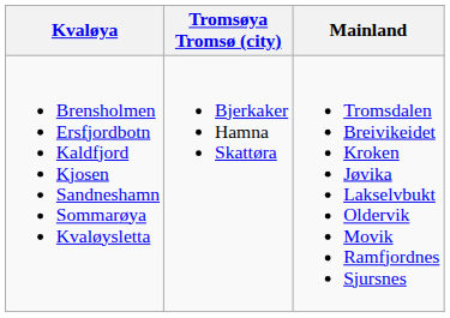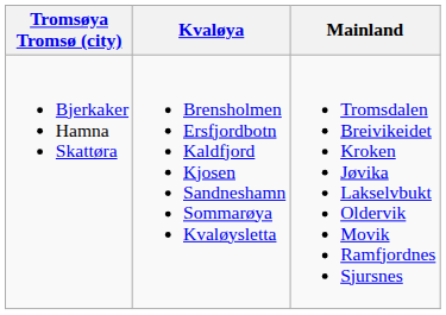 <table class="wikitable">
 <tr>
+<th><a href='#'>Tromsøya</a><br><a href='#'>Tromsø (city)</a></th>
 <th><a href='#'>Kvaløya</a></th>
-<th><a href='#'>Tromsøya</a><br><a href='#'>Tromsø (city)</a></th>
 <th>Mainland</th>
 </tr>
 <tr valign="top">
+<td><br><ul><li><a href='#'>Bjerkaker</a></li><li>Hamna</li><li><a href='#'>Skattøra</a></li></ul></td>
 <td><br><ul><li><a href='#'>Brensholmen</a></li><li><a href='#'>Ersfjordbotn</a></li><li><a href='#'>Kaldfjord</a></li><li><a href='#'>Kjosen</a></li><li><a href='#'>Sandneshamn</a></li><li><a href='#'>Sommarøya</a></li><li><a href='#'>Kvaløysletta</a></li></ul></td>
-<td><br><ul><li><a href='#'>Bjerkaker</a></li><li>Hamna</li><li><a href='#'>Skattøra</a></li></ul></td>
 <td><br><ul><li><a href='#'>Tromsdalen</a></li><li><a href='#'>Breivikeidet</a></li><li><a href='#'>Kroken</a></li><li><a href='#'>Jøvika</a></li><li><a href='#'>Lakselvbukt</a></li><li><a href='#'>Oldervik</a></li><li><a href='#'>Movik</a></li><li><a href='#'>Ramfjordnes</a></li><li><a href='#'>Sjursnes</a></li></ul></td>
 </tr>
 </table>
